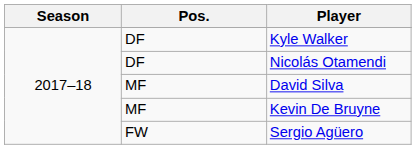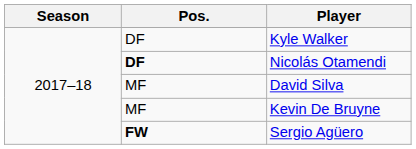 <table class="wikitable">
 <tr>
 <th style="width:120px;">Season</th>
 <th style="width:150px;">Pos.</th>
 <th style="width:150px;">Player</th>
 </tr>
 <tr>
 <td rowspan="6" style="text-align:center;">2017–18</td>
 </tr>
 <tr>
 <td>DF</td>
 <td> <a href='#'>Kyle Walker</a></td>
 </tr>
 <tr>
-<td>DF</td>
+<td><strong>DF</strong></td>
 <td> <a href='#'>Nicolás Otamendi</a></td>
 </tr>
 <tr>
 <td>MF</td>
 <td> <a href='#'>David Silva</a></td>
 </tr>
 <tr>
 <td>MF</td>
 <td> <a href='#'>Kevin De Bruyne</a></td>
 </tr>
 <tr>
-<td>FW</td>
+<td><strong>FW</strong></td>
 <td> <a href='#'>Sergio Agüero</a></td>
 </tr>
 </table>
